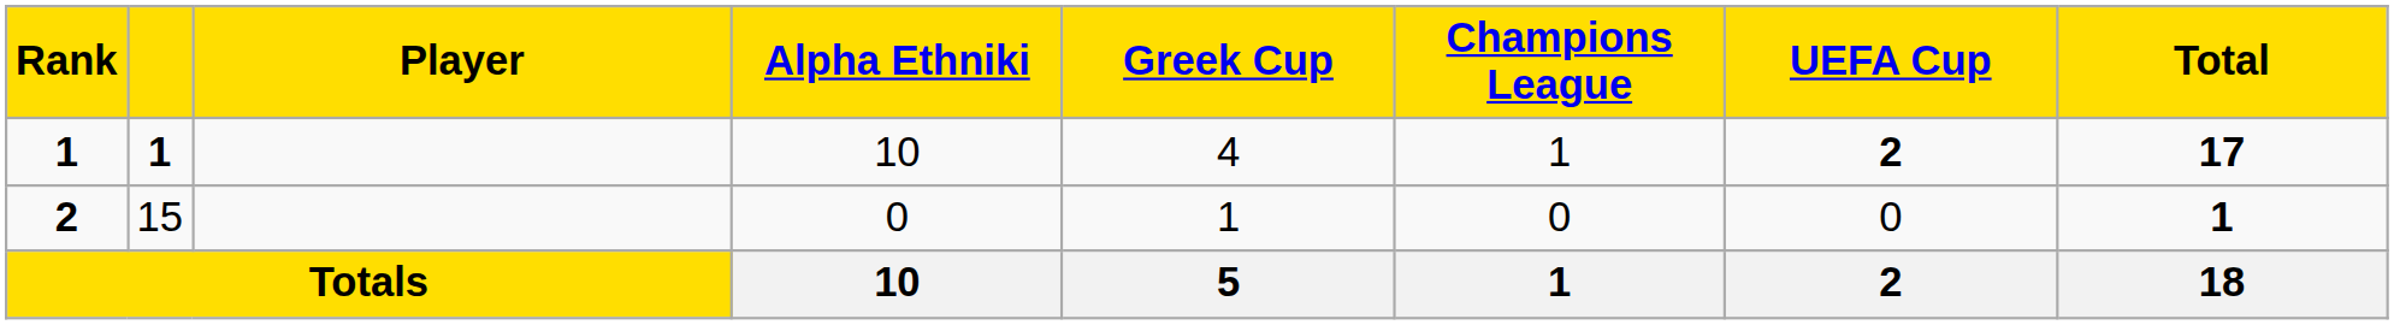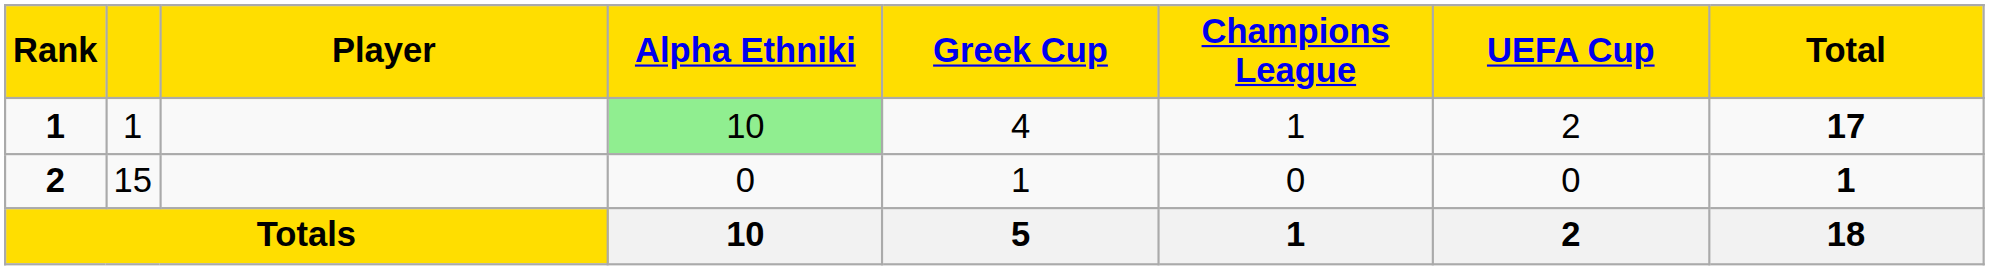 <table class="wikitable sortable" style="text-align:center">
 <tr>
 <th style="background:#FFDE00">Rank</th>
 <th style="background:#FFDE00"></th>
 <th width=200 style="background:#FFDE00">Player</th>
 <th width=120 style="background:#FFDE00"><a href='#'>Alpha Ethniki</a></th>
 <th width=120 style="background:#FFDE00"><a href='#'>Greek Cup</a></th>
 <th width=120 style="background:#FFDE00"><a href='#'>Champions League</a></th>
 <th width=120 style="background:#FFDE00"><a href='#'>UEFA Cup</a></th>
 <th width=120 style="background:#FFDE00">Total</th>
 </tr>
 <tr>
 <td><strong>1</strong></td>
-<td><strong>1</strong></td>
+<td>1</td>
 <td align=left></td>
-<td>10</td>
+<td style="background: lightgreen;">10</td>
 <td>4</td>
 <td>1</td>
-<td><strong>2</strong></td>
+<td>2</td>
 <td><strong>17</strong></td>
 </tr>
 <tr>
 <td><strong>2</strong></td>
 <td>15</td>
 <td align=left></td>
 <td>0</td>
 <td>1</td>
 <td>0</td>
 <td>0</td>
 <td><strong>1</strong></td>
 </tr>
 <tr class="sortbottom">
 <th colspan=3 style="background:#FFDE00"><strong>Totals</strong></th>
 <th><strong>10</strong></th>
 <th><strong> 5</strong></th>
 <th><strong> 1</strong></th>
 <th><strong> 2</strong></th>
 <th><strong>18</strong></th>
 </tr>
 </table>
